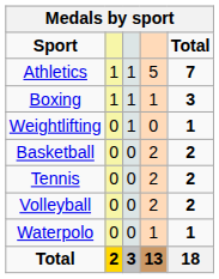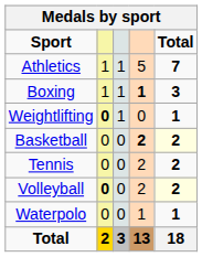 <table class="wikitable" style="font-size:85%; float:right;">
 <tr style="background:#efefef;">
 <th colspan=7><strong>Medals by sport</strong></th>
 </tr>
 <tr align=center>
 <td><strong>Sport</strong></td>
 <td bgcolor=#f7f6a8></td>
 <td bgcolor=#dce5e5></td>
 <td bgcolor=#ffdab9></td>
 <td><strong>Total</strong></td>
 </tr>
 <tr align=center>
 <td><a href='#'>Athletics</a></td>
 <td style="background:#F7F6A8;">1</td>
 <td style="background:#DCE5E5;">1</td>
 <td style="background:#FFDAB9;">5</td>
 <td><strong>7</strong></td>
 </tr>
 <tr align=center>
 <td><a href='#'>Boxing</a></td>
 <td style="background:#F7F6A8;">1</td>
 <td style="background:#DCE5E5;">1</td>
-<td style="background:#FFDAB9;">1</td>
+<td style="background:#FFDAB9;"><strong>1</strong></td>
 <td><strong>3</strong></td>
 </tr>
 <tr align=center>
 <td><a href='#'>Weightlifting</a></td>
-<td style="background:#F7F6A8;">0</td>
+<td style="background:#F7F6A8;"><strong>0</strong></td>
 <td style="background:#DCE5E5;">1</td>
 <td style="background:#FFDAB9;">0</td>
 <td><strong>1</strong></td>
 </tr>
 <tr align=center>
 <td><a href='#'>Basketball</a></td>
 <td style="background:#F7F6A8;">0</td>
 <td style="background:#DCE5E5;">0</td>
-<td style="background:#FFDAB9;">2</td>
-<td><strong>2</strong></td>
+<td style="background:#FFDAB9;"><strong>2</strong></td>
+<td style="background: lightyellow;"><strong>2</strong></td>
 </tr>
 <tr align=center>
 <td><a href='#'>Tennis</a></td>
 <td style="background:#F7F6A8;">0</td>
 <td style="background:#DCE5E5;">0</td>
 <td style="background:#FFDAB9;">2</td>
 <td><strong>2</strong></td>
 </tr>
 <tr align=center>
 <td><a href='#'>Volleyball</a></td>
-<td style="background:#F7F6A8;">0</td>
+<td style="background:#F7F6A8;"><strong>0</strong></td>
 <td style="background:#DCE5E5;">0</td>
 <td style="background:#FFDAB9;">2</td>
-<td><strong>2</strong></td>
+<td style="background: lightyellow;"><strong>2</strong></td>
 </tr>
 <tr align=center>
 <td><a href='#'>Waterpolo</a></td>
 <td style="background:#F7F6A8;">0</td>
 <td style="background:#DCE5E5;">0</td>
 <td style="background:#FFDAB9;">1</td>
 <td><strong>1</strong></td>
 </tr>
 <tr align=center>
 <td><strong>Total</strong></td>
 <th style="background:gold;"><strong>2</strong></th>
 <th style="background:silver;"><strong>3</strong></th>
 <th style="background:#c96;"><strong>13</strong></th>
 <th><strong>18</strong></th>
 </tr>
 </table>
